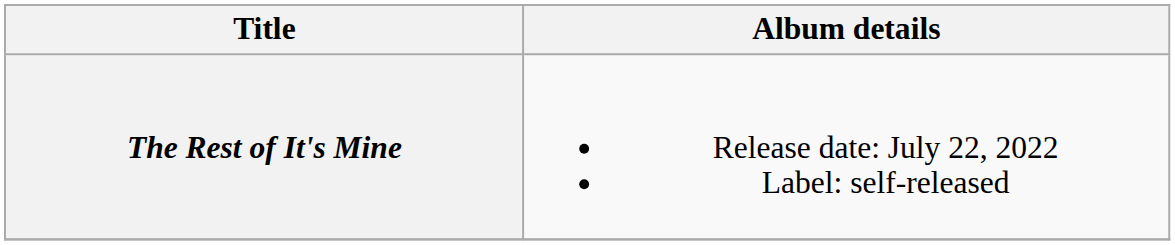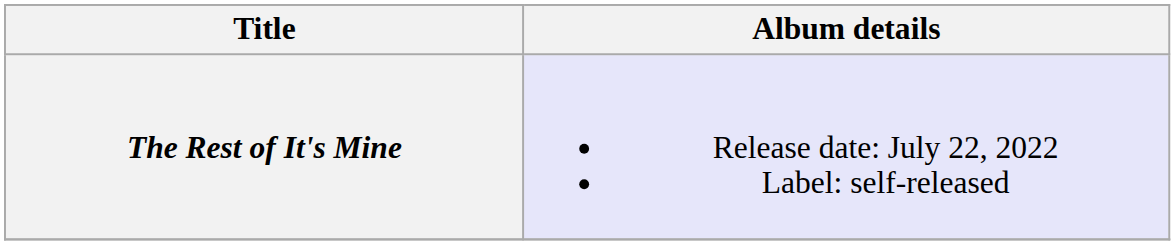 <table class="wikitable plainrowheaders" style="text-align:center;">
 <tr>
 <th style="width:16em;">Title</th>
 <th style="width:20em;">Album details</th>
 </tr>
 <tr>
 <th scope="row"><em>The Rest of It's Mine</em></th>
-<td><br><ul><li>Release date: July 22, 2022</li><li>Label: self-released</li></ul></td>
+<td style="background: lavender;"><br><ul><li>Release date: July 22, 2022</li><li>Label: self-released</li></ul></td>
 </tr>
 <tr>
 </tr>
 </table>
